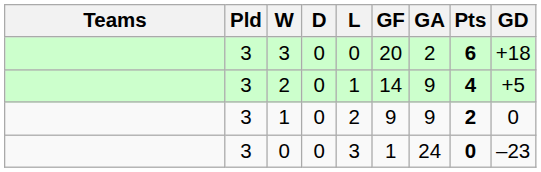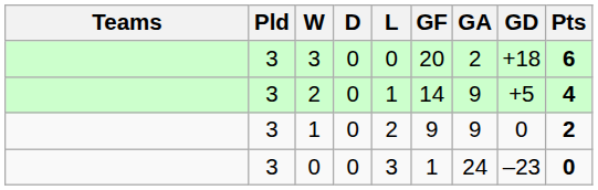 <table class="wikitable" style="text-align: center;">
 <tr>
 <th width=165>Teams</th>
 <th width=20>Pld</th>
 <th width=20>W</th>
 <th width=20>D</th>
 <th width=20>L</th>
 <th width=20>GF</th>
 <th width=20>GA</th>
+<th width=20>GD</th>
 <th width=20>Pts</th>
-<th width=20>GD</th>
 </tr>
 <tr align=center style="background:#ccffcc;">
 <td style="text-align:left;"></td>
 <td>3</td>
 <td>3</td>
 <td>0</td>
 <td>0</td>
 <td>20</td>
 <td>2</td>
+<td>+18</td>
 <td><strong>6</strong></td>
-<td>+18</td>
 </tr>
 <tr align=center style="background:#ccffcc;">
 <td style="text-align:left;"></td>
 <td>3</td>
 <td>2</td>
 <td>0</td>
 <td>1</td>
 <td>14</td>
 <td>9</td>
+<td>+5</td>
 <td><strong>4</strong></td>
-<td>+5</td>
 </tr>
 <tr align=center>
 <td style="text-align:left;"></td>
 <td>3</td>
 <td>1</td>
 <td>0</td>
 <td>2</td>
 <td>9</td>
 <td>9</td>
+<td>0</td>
 <td><strong>2</strong></td>
-<td>0</td>
 </tr>
 <tr align=center>
 <td style="text-align:left;"></td>
 <td>3</td>
 <td>0</td>
 <td>0</td>
 <td>3</td>
 <td>1</td>
 <td>24</td>
+<td>–23</td>
 <td><strong>0</strong></td>
-<td>–23</td>
 </tr>
 </table>
